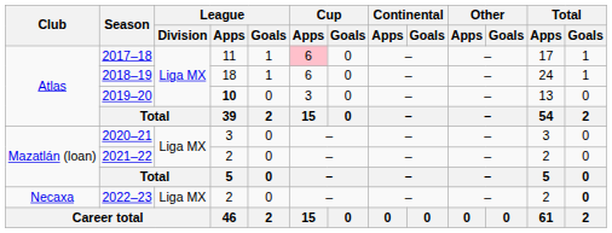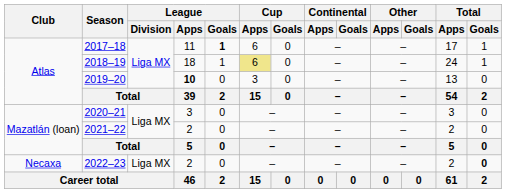 <table class="wikitable" style="text-align: center">
 <tr>
 <th rowspan="2">Club</th>
 <th rowspan="2">Season</th>
 <th colspan="3">League</th>
 <th colspan="2">Cup</th>
 <th colspan="2">Continental</th>
 <th colspan="2">Other</th>
 <th colspan="2">Total</th>
 </tr>
 <tr>
 <th>Division</th>
 <th>Apps</th>
 <th>Goals</th>
 <th>Apps</th>
 <th>Goals</th>
 <th>Apps</th>
 <th>Goals</th>
 <th>Apps</th>
 <th>Goals</th>
 <th>Apps</th>
 <th>Goals</th>
 </tr>
 <tr>
 <td rowspan=4><a href='#'>Atlas</a></td>
 <td><a href='#'>2017–18</a></td>
 <td rowspan=3><a href='#'>Liga MX</a></td>
 <td>11</td>
-<td>1</td>
-<td style="background: pink;">6</td>
+<td><strong>1</strong></td>
+<td>6</td>
 <td>0</td>
 <td colspan="2">–</td>
 <td colspan="2">–</td>
 <td>17</td>
 <td>1</td>
 </tr>
 <tr>
 <td><a href='#'>2018–19</a></td>
 <td>18</td>
 <td>1</td>
-<td>6</td>
+<td style="background: khaki;">6</td>
 <td>0</td>
 <td colspan="2">–</td>
 <td colspan="2">–</td>
 <td>24</td>
 <td>1</td>
 </tr>
 <tr>
 <td><a href='#'>2019–20</a></td>
 <td><strong>10</strong></td>
 <td>0</td>
 <td>3</td>
 <td>0</td>
 <td colspan="2">–</td>
 <td colspan="2">–</td>
 <td>13</td>
 <td>0</td>
 </tr>
 <tr>
 <th colspan="2">Total</th>
 <th>39</th>
 <th>2</th>
 <th>15</th>
 <th>0</th>
 <th colspan="2">–</th>
 <th colspan="2">–</th>
 <th>54</th>
 <th>2</th>
 </tr>
 <tr>
 <td rowspan=3><a href='#'>Mazatlán</a> (loan)</td>
 <td><a href='#'>2020–21</a></td>
 <td rowspan=2>Liga MX</td>
 <td>3</td>
 <td>0</td>
 <td colspan="2">–</td>
 <td colspan="2">–</td>
 <td colspan="2">–</td>
 <td>3</td>
 <td>0</td>
 </tr>
 <tr>
 <td><a href='#'>2021–22</a></td>
 <td>2</td>
 <td>0</td>
 <td colspan="2">–</td>
 <td colspan="2">–</td>
 <td colspan="2">–</td>
 <td>2</td>
 <td>0</td>
 </tr>
 <tr>
 <th colspan="2">Total</th>
 <th>5</th>
 <th>0</th>
 <th colspan="2">–</th>
 <th colspan="2">–</th>
 <th colspan="2">–</th>
 <th>5</th>
 <th>0</th>
 </tr>
 <tr>
 <td><a href='#'>Necaxa</a></td>
 <td><a href='#'>2022–23</a></td>
 <td>Liga MX</td>
 <td>2</td>
 <td>0</td>
 <td colspan="2">–</td>
 <td colspan="2">–</td>
 <td colspan="2">–</td>
 <td>2</td>
 <td><strong>0</strong></td>
 </tr>
 <tr>
 <th colspan=3>Career total</th>
 <th>46</th>
 <th>2</th>
 <th>15</th>
 <th>0</th>
 <th>0</th>
 <th>0</th>
 <th>0</th>
 <th>0</th>
 <th>61</th>
 <th>2</th>
 </tr>
 </table>
